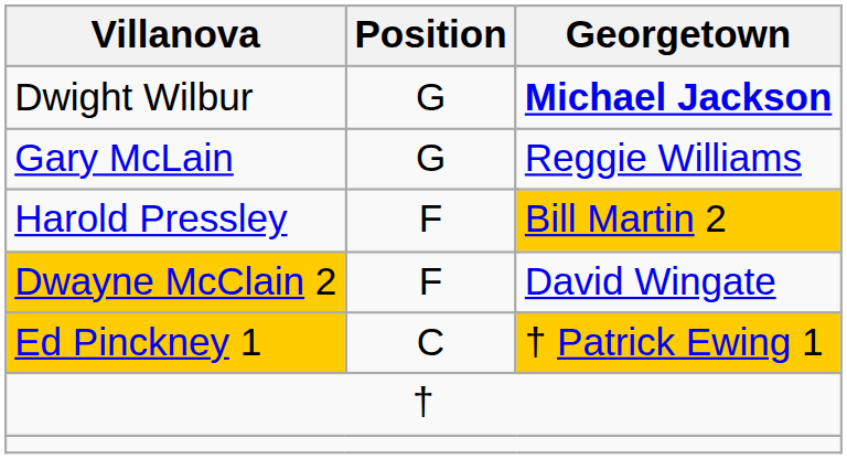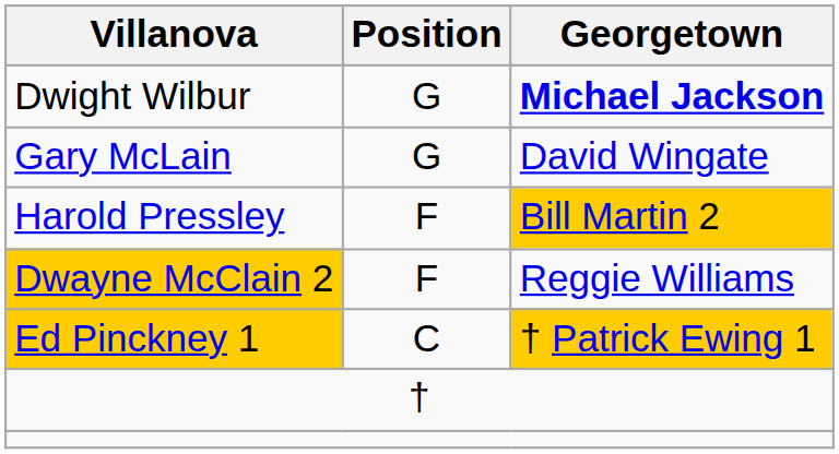 <table class="wikitable">
 <tr>
 <th>Villanova</th>
 <th colspan="2">Position</th>
 <th>Georgetown</th>
 </tr>
 <tr>
 <td>Dwight Wilbur</td>
 <td colspan=2 style="text-align:center">G</td>
 <td><strong><a href='#'>Michael Jackson</a></strong></td>
 </tr>
 <tr>
 <td><a href='#'>Gary McLain</a></td>
 <td colspan=2 style="text-align:center">G</td>
-<td><a href='#'>Reggie Williams</a></td>
+<td><a href='#'>David Wingate</a></td>
 </tr>
 <tr>
 <td><a href='#'>Harold Pressley</a></td>
 <td colspan=2 style="text-align:center">F</td>
 <td style="background:#ffcc00"><a href='#'>Bill Martin</a> 2</td>
 </tr>
 <tr>
 <td style="background:#ffcc00"><a href='#'>Dwayne McClain</a> 2</td>
 <td colspan=2 style="text-align:center">F</td>
-<td><a href='#'>David Wingate</a></td>
+<td><a href='#'>Reggie Williams</a></td>
 </tr>
 <tr>
 <td style="background:#ffcc00"><a href='#'>Ed Pinckney</a> 1</td>
 <td colspan=2 style="text-align:center">C</td>
 <td style="background:#ffcc00">† <a href='#'>Patrick Ewing</a> 1</td>
 </tr>
 <tr>
 <td colspan="5" align=center>† </td>
 </tr>
 <tr>
 <td colspan="5" align=center></td>
 </tr>
 </table>
